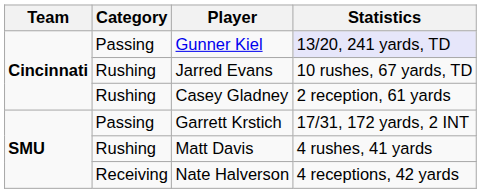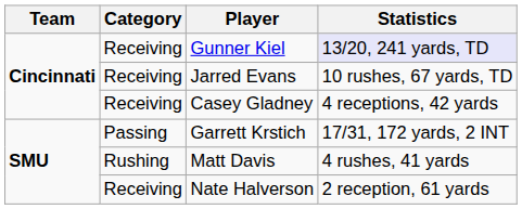 <table class="wikitable" style="float: left;">
 <tr>
 <th>Team</th>
 <th>Category</th>
 <th>Player</th>
 <th>Statistics</th>
 </tr>
 <tr>
 <td rowspan=3><strong>Cincinnati</strong></td>
-<td>Passing</td>
+<td>Receiving</td>
 <td><a href='#'>Gunner Kiel</a></td>
 <td style="background: lavender;">13/20, 241 yards, TD</td>
 </tr>
 <tr>
-<td>Rushing</td>
+<td>Receiving</td>
 <td>Jarred Evans</td>
 <td>10 rushes, 67 yards, TD</td>
 </tr>
 <tr>
-<td>Rushing</td>
+<td>Receiving</td>
 <td>Casey Gladney</td>
-<td>2 reception, 61 yards</td>
+<td>4 receptions, 42 yards</td>
 </tr>
 <tr>
 <td rowspan=3><strong>SMU</strong></td>
 <td>Passing</td>
 <td>Garrett Krstich</td>
 <td>17/31, 172 yards, 2 INT</td>
 </tr>
 <tr>
 <td>Rushing</td>
 <td>Matt Davis</td>
 <td>4 rushes, 41 yards</td>
 </tr>
 <tr>
 <td>Receiving</td>
 <td>Nate Halverson</td>
-<td>4 receptions, 42 yards</td>
+<td>2 reception, 61 yards</td>
 </tr>
 </table>
